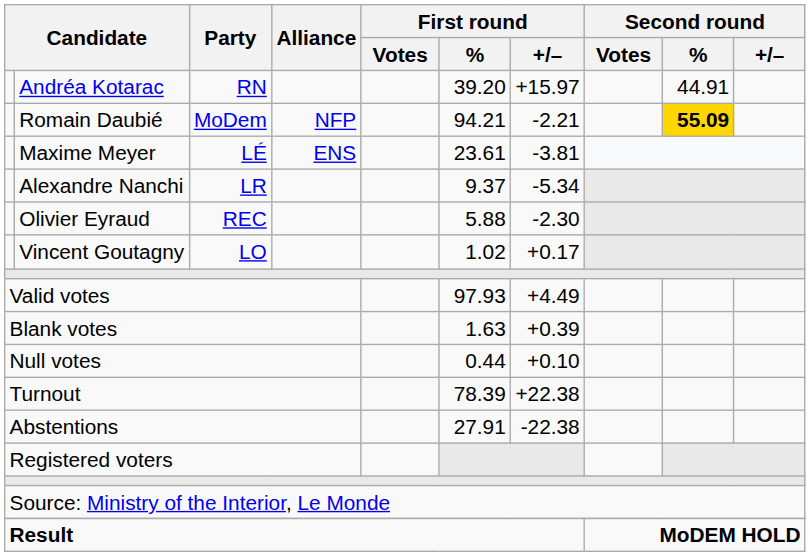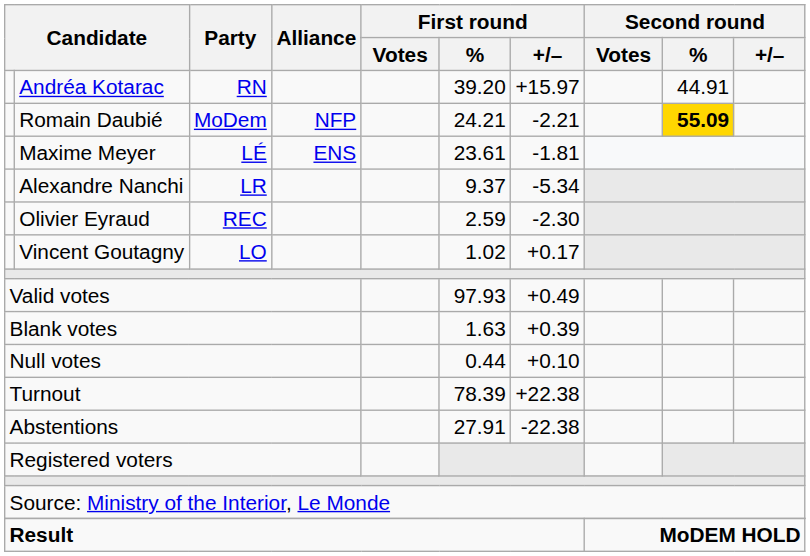 <table class="wikitable" style="text-align:right;font-size:95%;">
 <tr>
 <th rowspan="2" colspan="2">Candidate</th>
 <th rowspan="2">Party</th>
 <th rowspan="2">Alliance</th>
 <th colspan="3">First round</th>
 <th colspan="3">Second round</th>
 </tr>
 <tr>
 <th style="width:50px;">Votes</th>
 <th style="width:45px;">%</th>
 <th style="width:45px;">+/–</th>
 <th style="width:50px;">Votes</th>
 <th style="width:45px;">%</th>
 <th style="width:45px;">+/–</th>
 </tr>
 <tr>
 <td style="color:inherit;background:"></td>
 <td style="text-align:left;"><a href='#'>Andréa Kotarac</a></td>
 <td><a href='#'>RN</a></td>
 <td></td>
 <td></td>
 <td>39.20</td>
 <td>+15.97</td>
 <td></td>
 <td>44.91</td>
 <td></td>
 </tr>
 <tr>
 <td style="color:inherit;background:"></td>
 <td style="text-align:left;">Romain Daubié</td>
 <td><a href='#'>MoDem</a></td>
 <td><a href='#'>NFP</a></td>
 <td></td>
-<td>94.21</td>
+<td>24.21</td>
 <td>-2.21</td>
 <td><strong></strong></td>
 <td style="background: gold;"><strong> 55.09</strong></td>
 <td></td>
 </tr>
 <tr>
 <td style="color:inherit;background:"></td>
 <td style="text-align:left;">Maxime Meyer</td>
 <td><a href='#'>LÉ</a></td>
 <td><a href='#'>ENS</a></td>
 <td></td>
 <td>23.61</td>
-<td>-3.81</td>
+<td>-1.81</td>
 <td colspan="3" style="background:#F8F9FA;"></td>
 </tr>
 <tr>
 <td style="color:inherit;background:"></td>
 <td style="text-align:left;">Alexandre Nanchi</td>
 <td><a href='#'>LR</a></td>
 <td></td>
 <td></td>
 <td>9.37</td>
 <td>-5.34</td>
 <td colspan="3" style="background:#E9E9E9;"></td>
 </tr>
 <tr>
 <td style="color:inherit;background:"></td>
 <td style="text-align:left;">Olivier Eyraud</td>
 <td><a href='#'>REC</a></td>
 <td></td>
 <td></td>
-<td>5.88</td>
+<td>2.59</td>
 <td>-2.30</td>
 <td colspan="3" style="background:#E9E9E9;"></td>
 </tr>
 <tr>
 <td style="color:inherit;background:"></td>
 <td style="text-align:left;">Vincent Goutagny</td>
 <td><a href='#'>LO</a></td>
 <td></td>
 <td></td>
 <td>1.02</td>
 <td>+0.17</td>
 <td colspan="3" style="background:#E9E9E9;"></td>
 </tr>
 <tr>
 <td colspan="10" style="background:#E9E9E9;"></td>
 </tr>
 <tr>
 <td colspan="4" style="text-align:left;">Valid votes</td>
 <td></td>
 <td>97.93</td>
-<td>+4.49</td>
+<td>+0.49</td>
 <td></td>
 <td></td>
 <td></td>
 </tr>
 <tr>
 <td colspan="4" style="text-align:left;">Blank votes</td>
 <td></td>
 <td>1.63</td>
 <td>+0.39</td>
 <td></td>
 <td></td>
 <td></td>
 </tr>
 <tr>
 <td colspan="4" style="text-align:left;">Null votes</td>
 <td></td>
 <td>0.44</td>
 <td>+0.10</td>
 <td></td>
 <td></td>
 <td></td>
 </tr>
 <tr>
 <td colspan="4" style="text-align:left;">Turnout</td>
 <td></td>
 <td>78.39</td>
 <td>+22.38</td>
 <td></td>
 <td></td>
 <td></td>
 </tr>
 <tr>
 <td colspan="4" style="text-align:left;">Abstentions</td>
 <td></td>
 <td>27.91</td>
 <td>-22.38</td>
 <td></td>
 <td></td>
 <td></td>
 </tr>
 <tr>
 <td colspan="4" style="text-align:left;">Registered voters</td>
 <td></td>
 <td colspan="2" style="background:#E9E9E9;"></td>
 <td></td>
 <td colspan="2" style="background:#E9E9E9;"></td>
 </tr>
 <tr>
 <td colspan="10" style="background:#E9E9E9;"></td>
 </tr>
 <tr>
 <td colspan="10" style="text-align:left;">Source: <a href='#'>Ministry of the Interior</a>, <a href='#'>Le Monde</a></td>
 </tr>
 <tr>
 </tr>
 <tr style="font-weight:bold">
 <td colspan="7" style="text-align:left;">Result</td>
 <td colspan="7" style="background-color:">MoDEM HOLD</td>
 </tr>
 </table>
